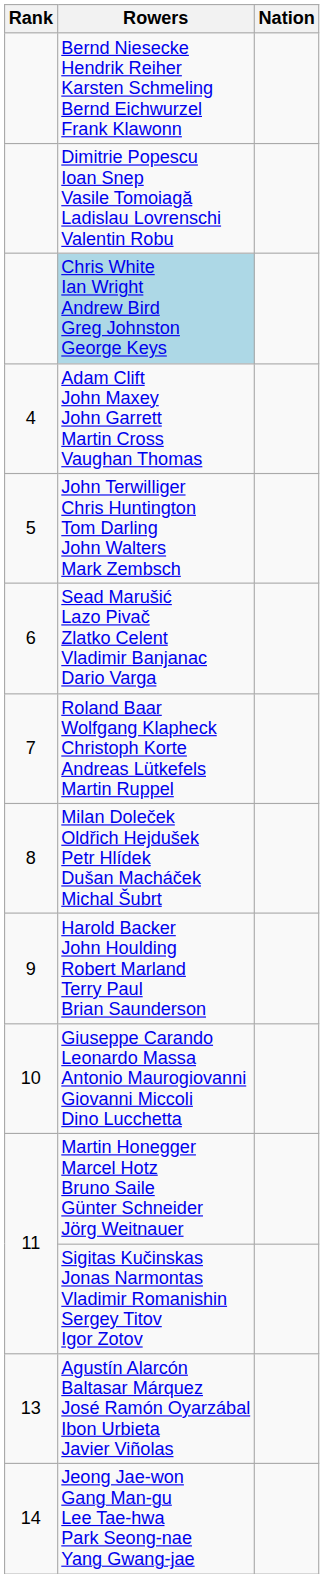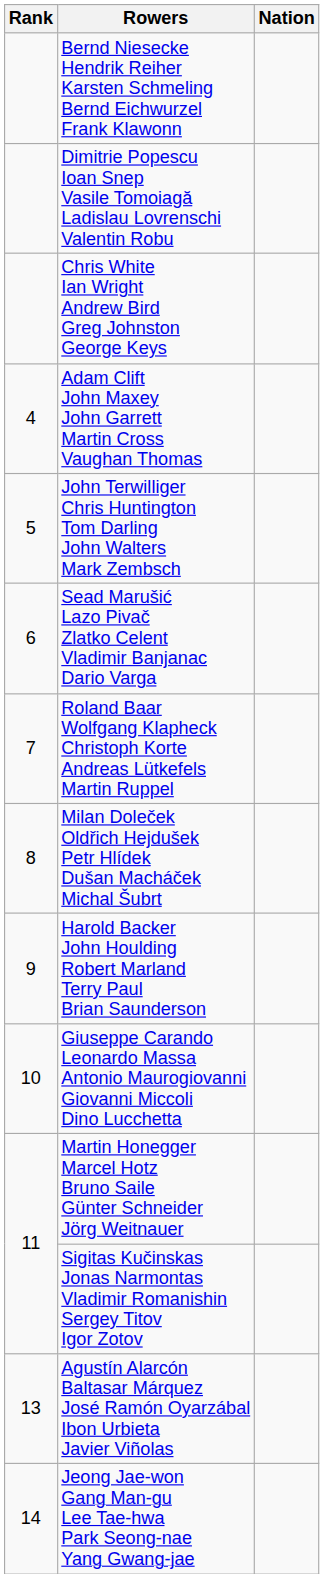 <table class="wikitable sortable" style="text-align:center">
 <tr>
 <th>Rank</th>
 <th>Rowers</th>
 <th>Nation</th>
 </tr>
 <tr>
 <td></td>
 <td align=left><a href='#'>Bernd Niesecke</a><br><a href='#'>Hendrik Reiher</a><br><a href='#'>Karsten Schmeling</a><br><a href='#'>Bernd Eichwurzel</a><br><a href='#'>Frank Klawonn</a></td>
 <td align=left></td>
 </tr>
 <tr>
 <td></td>
 <td align=left><a href='#'>Dimitrie Popescu</a><br><a href='#'>Ioan Snep</a><br><a href='#'>Vasile Tomoiagă</a><br><a href='#'>Ladislau Lovrenschi</a><br><a href='#'>Valentin Robu</a></td>
 <td align=left></td>
 </tr>
 <tr>
 <td></td>
-<td align=left style="background: lightblue;"><a href='#'>Chris White</a><br><a href='#'>Ian Wright</a><br><a href='#'>Andrew Bird</a><br><a href='#'>Greg Johnston</a><br><a href='#'>George Keys</a></td>
+<td align=left><a href='#'>Chris White</a><br><a href='#'>Ian Wright</a><br><a href='#'>Andrew Bird</a><br><a href='#'>Greg Johnston</a><br><a href='#'>George Keys</a></td>
 <td align=left></td>
 </tr>
 <tr>
 <td>4</td>
 <td align=left><a href='#'>Adam Clift</a><br><a href='#'>John Maxey</a><br><a href='#'>John Garrett</a><br><a href='#'>Martin Cross</a><br><a href='#'>Vaughan Thomas</a></td>
 <td align=left></td>
 </tr>
 <tr>
 <td>5</td>
 <td align=left><a href='#'>John Terwilliger</a><br><a href='#'>Chris Huntington</a><br><a href='#'>Tom Darling</a><br><a href='#'>John Walters</a><br><a href='#'>Mark Zembsch</a></td>
 <td align=left></td>
 </tr>
 <tr>
 <td>6</td>
 <td align=left><a href='#'>Sead Marušić</a><br><a href='#'>Lazo Pivač</a><br><a href='#'>Zlatko Celent</a><br><a href='#'>Vladimir Banjanac</a><br><a href='#'>Dario Varga</a></td>
 <td align=left></td>
 </tr>
 <tr>
 <td>7</td>
 <td align=left><a href='#'>Roland Baar</a><br><a href='#'>Wolfgang Klapheck</a><br><a href='#'>Christoph Korte</a><br><a href='#'>Andreas Lütkefels</a><br><a href='#'>Martin Ruppel</a></td>
 <td align=left></td>
 </tr>
 <tr>
 <td>8</td>
 <td align=left><a href='#'>Milan Doleček</a><br><a href='#'>Oldřich Hejdušek</a><br><a href='#'>Petr Hlídek</a><br><a href='#'>Dušan Macháček</a><br><a href='#'>Michal Šubrt</a></td>
 <td align=left></td>
 </tr>
 <tr>
 <td>9</td>
 <td align=left><a href='#'>Harold Backer</a><br><a href='#'>John Houlding</a><br><a href='#'>Robert Marland</a><br><a href='#'>Terry Paul</a><br><a href='#'>Brian Saunderson</a></td>
 <td align=left></td>
 </tr>
 <tr>
 <td>10</td>
 <td align=left><a href='#'>Giuseppe Carando</a><br><a href='#'>Leonardo Massa</a><br><a href='#'>Antonio Maurogiovanni</a><br><a href='#'>Giovanni Miccoli</a><br><a href='#'>Dino Lucchetta</a></td>
 <td align=left></td>
 </tr>
 <tr>
 <td rowspan=2>11</td>
 <td align=left><a href='#'>Martin Honegger</a><br><a href='#'>Marcel Hotz</a><br><a href='#'>Bruno Saile</a><br><a href='#'>Günter Schneider</a><br><a href='#'>Jörg Weitnauer</a></td>
 <td align=left></td>
 </tr>
 <tr>
 <td align=left><a href='#'>Sigitas Kučinskas</a><br><a href='#'>Jonas Narmontas</a><br><a href='#'>Vladimir Romanishin</a><br><a href='#'>Sergey Titov</a><br><a href='#'>Igor Zotov</a></td>
 <td align=left></td>
 </tr>
 <tr>
 <td>13</td>
 <td align=left><a href='#'>Agustín Alarcón</a><br><a href='#'>Baltasar Márquez</a><br><a href='#'>José Ramón Oyarzábal</a><br><a href='#'>Ibon Urbieta</a><br><a href='#'>Javier Viñolas</a></td>
 <td align=left></td>
 </tr>
 <tr>
 <td>14</td>
 <td align=left><a href='#'>Jeong Jae-won</a><br><a href='#'>Gang Man-gu</a><br><a href='#'>Lee Tae-hwa</a><br><a href='#'>Park Seong-nae</a><br><a href='#'>Yang Gwang-jae</a></td>
 <td align=left></td>
 </tr>
 </table>
